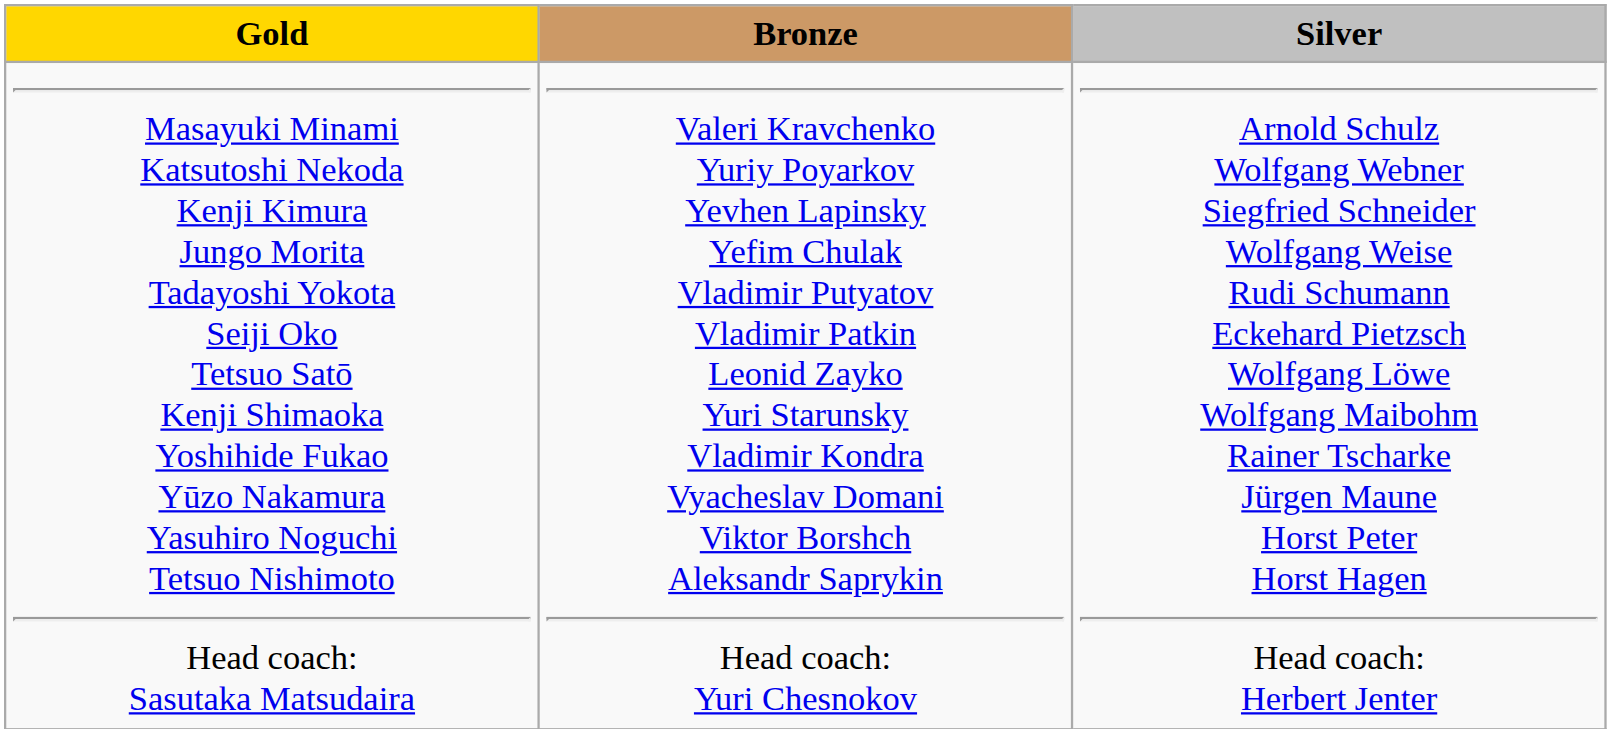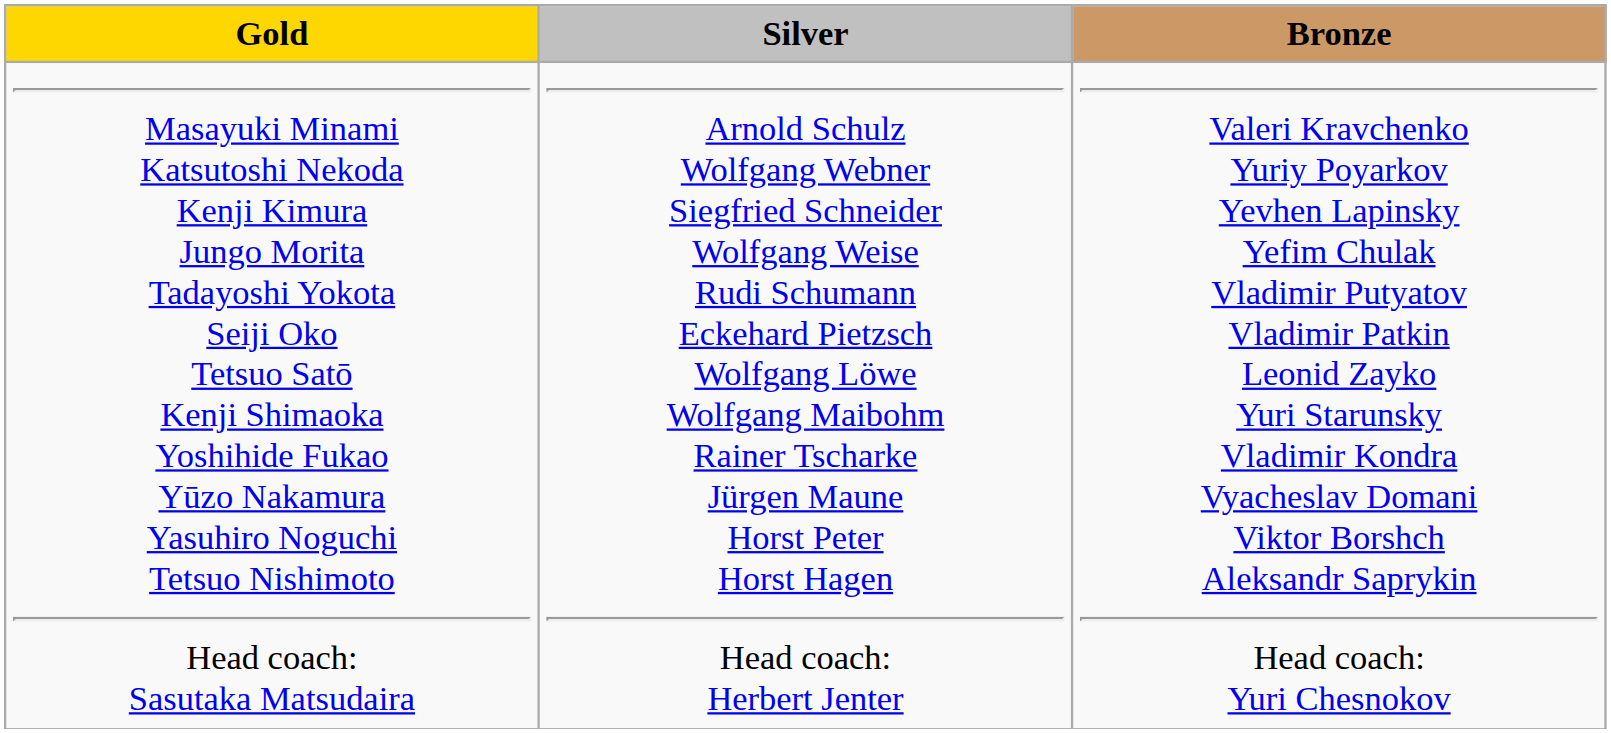 <table class="wikitable" style="text-align:center; font-size:95%;">
 <tr>
 <th style="width:15em; background:gold">Gold</th>
+<th style="width:15em; background:silver">Silver</th>
 <th style="width:15em; background:#cc9966">Bronze</th>
-<th style="width:15em; background:silver">Silver</th>
 </tr>
 <tr>
 <td><hr><a href='#'>Masayuki Minami</a><br><a href='#'>Katsutoshi Nekoda</a><br><a href='#'>Kenji Kimura</a><br><a href='#'>Jungo Morita</a><br><a href='#'>Tadayoshi Yokota</a><br><a href='#'>Seiji Oko</a><br><a href='#'>Tetsuo Satō</a><br><a href='#'>Kenji Shimaoka</a><br><a href='#'>Yoshihide Fukao</a><br><a href='#'>Yūzo Nakamura</a><br><a href='#'>Yasuhiro Noguchi</a><br><a href='#'>Tetsuo Nishimoto</a><br><hr>Head coach:<br><a href='#'>Sasutaka Matsudaira</a></td>
+<td><hr><a href='#'>Arnold Schulz</a><br><a href='#'>Wolfgang Webner</a><br><a href='#'>Siegfried Schneider</a><br><a href='#'>Wolfgang Weise</a><br><a href='#'>Rudi Schumann</a><br><a href='#'>Eckehard Pietzsch</a><br><a href='#'>Wolfgang Löwe</a><br><a href='#'>Wolfgang Maibohm</a><br><a href='#'>Rainer Tscharke</a><br><a href='#'>Jürgen Maune</a><br><a href='#'>Horst Peter</a><br><a href='#'>Horst Hagen</a><br><hr>Head coach:<br><a href='#'>Herbert Jenter</a></td>
 <td><hr><a href='#'>Valeri Kravchenko</a><br><a href='#'>Yuriy Poyarkov</a><br><a href='#'>Yevhen Lapinsky</a><br><a href='#'>Yefim Chulak</a><br><a href='#'>Vladimir Putyatov</a><br><a href='#'>Vladimir Patkin</a><br><a href='#'>Leonid Zayko</a><br><a href='#'>Yuri Starunsky</a><br><a href='#'>Vladimir Kondra</a><br><a href='#'>Vyacheslav Domani</a><br><a href='#'>Viktor Borshch</a><br><a href='#'>Aleksandr Saprykin</a><br><hr>Head coach:<br><a href='#'>Yuri Chesnokov</a></td>
-<td><hr><a href='#'>Arnold Schulz</a><br><a href='#'>Wolfgang Webner</a><br><a href='#'>Siegfried Schneider</a><br><a href='#'>Wolfgang Weise</a><br><a href='#'>Rudi Schumann</a><br><a href='#'>Eckehard Pietzsch</a><br><a href='#'>Wolfgang Löwe</a><br><a href='#'>Wolfgang Maibohm</a><br><a href='#'>Rainer Tscharke</a><br><a href='#'>Jürgen Maune</a><br><a href='#'>Horst Peter</a><br><a href='#'>Horst Hagen</a><br><hr>Head coach:<br><a href='#'>Herbert Jenter</a></td>
 </tr>
 </table>
